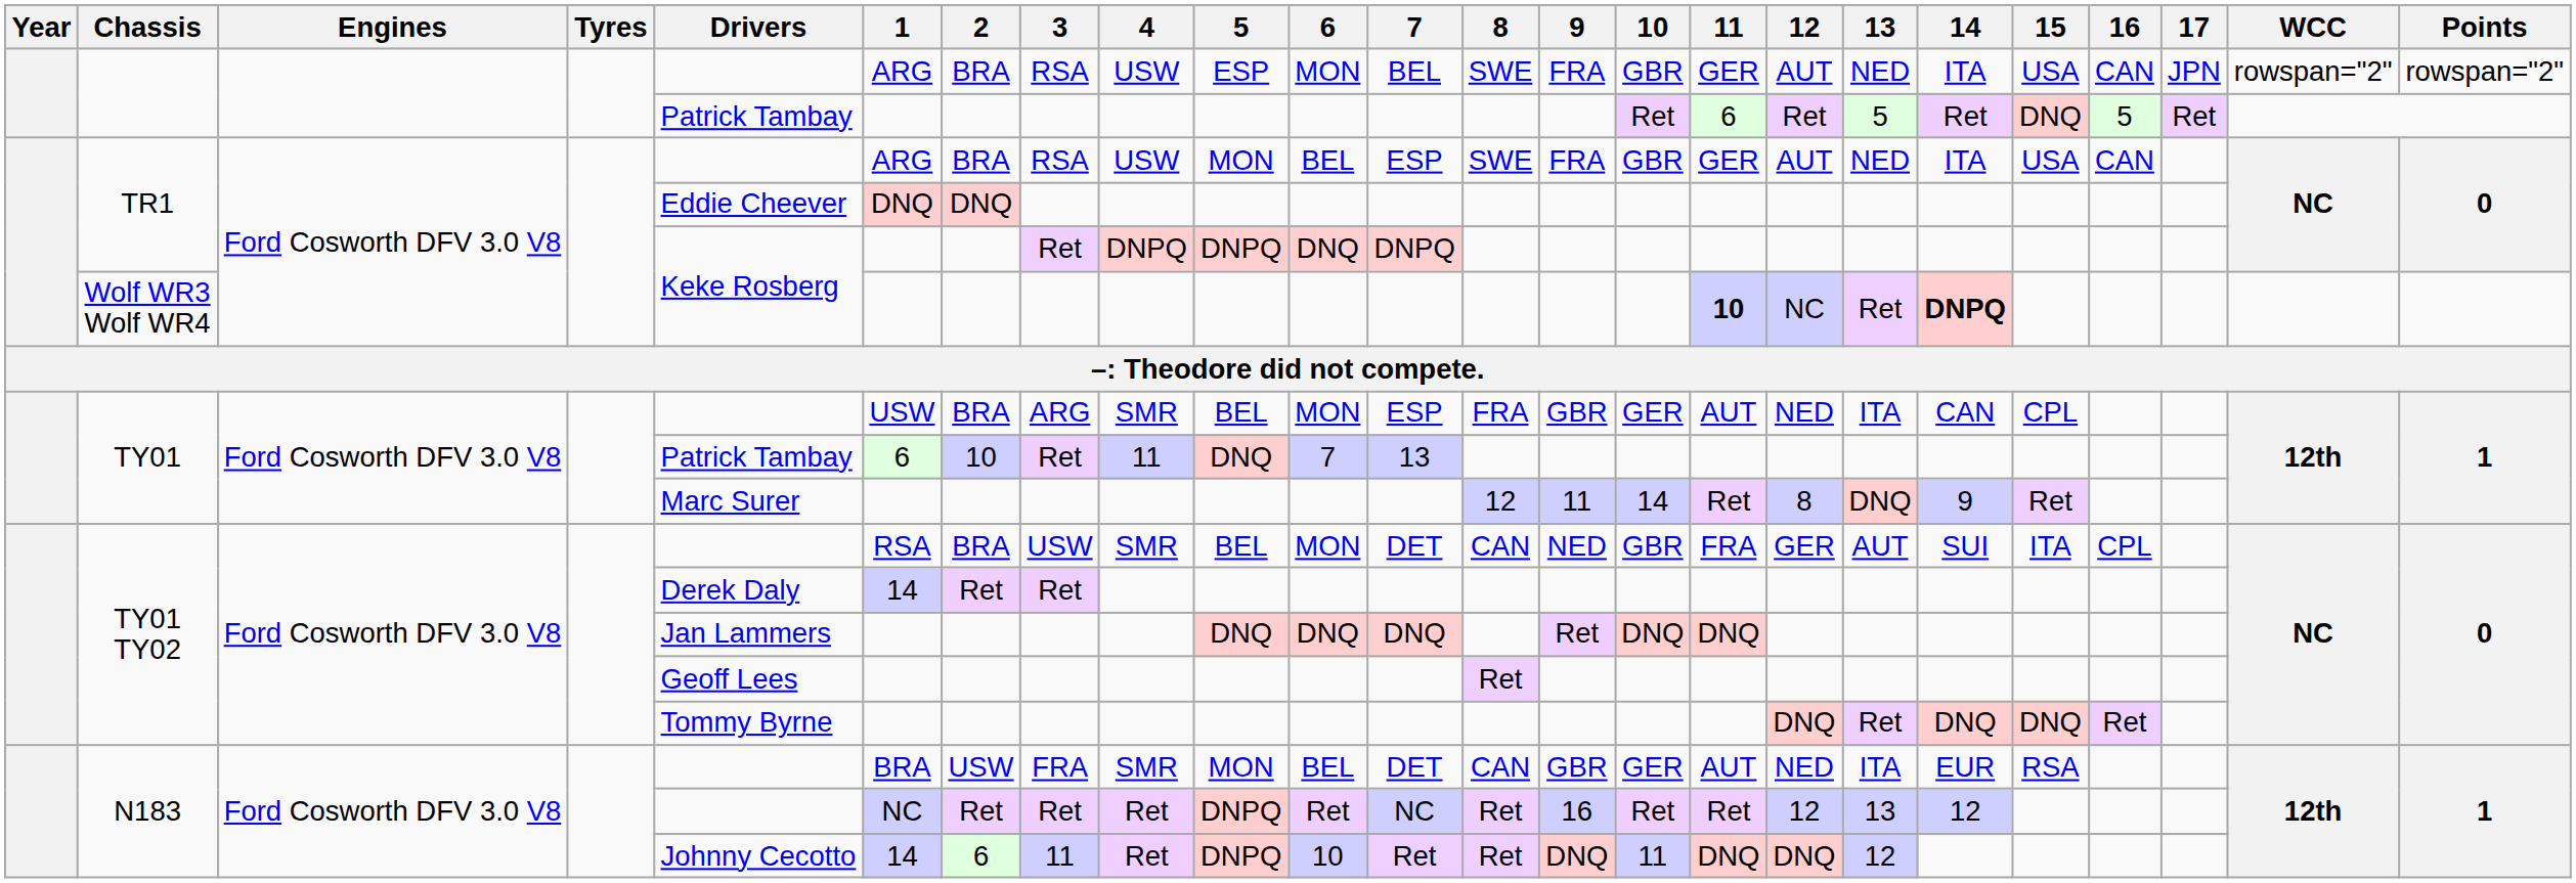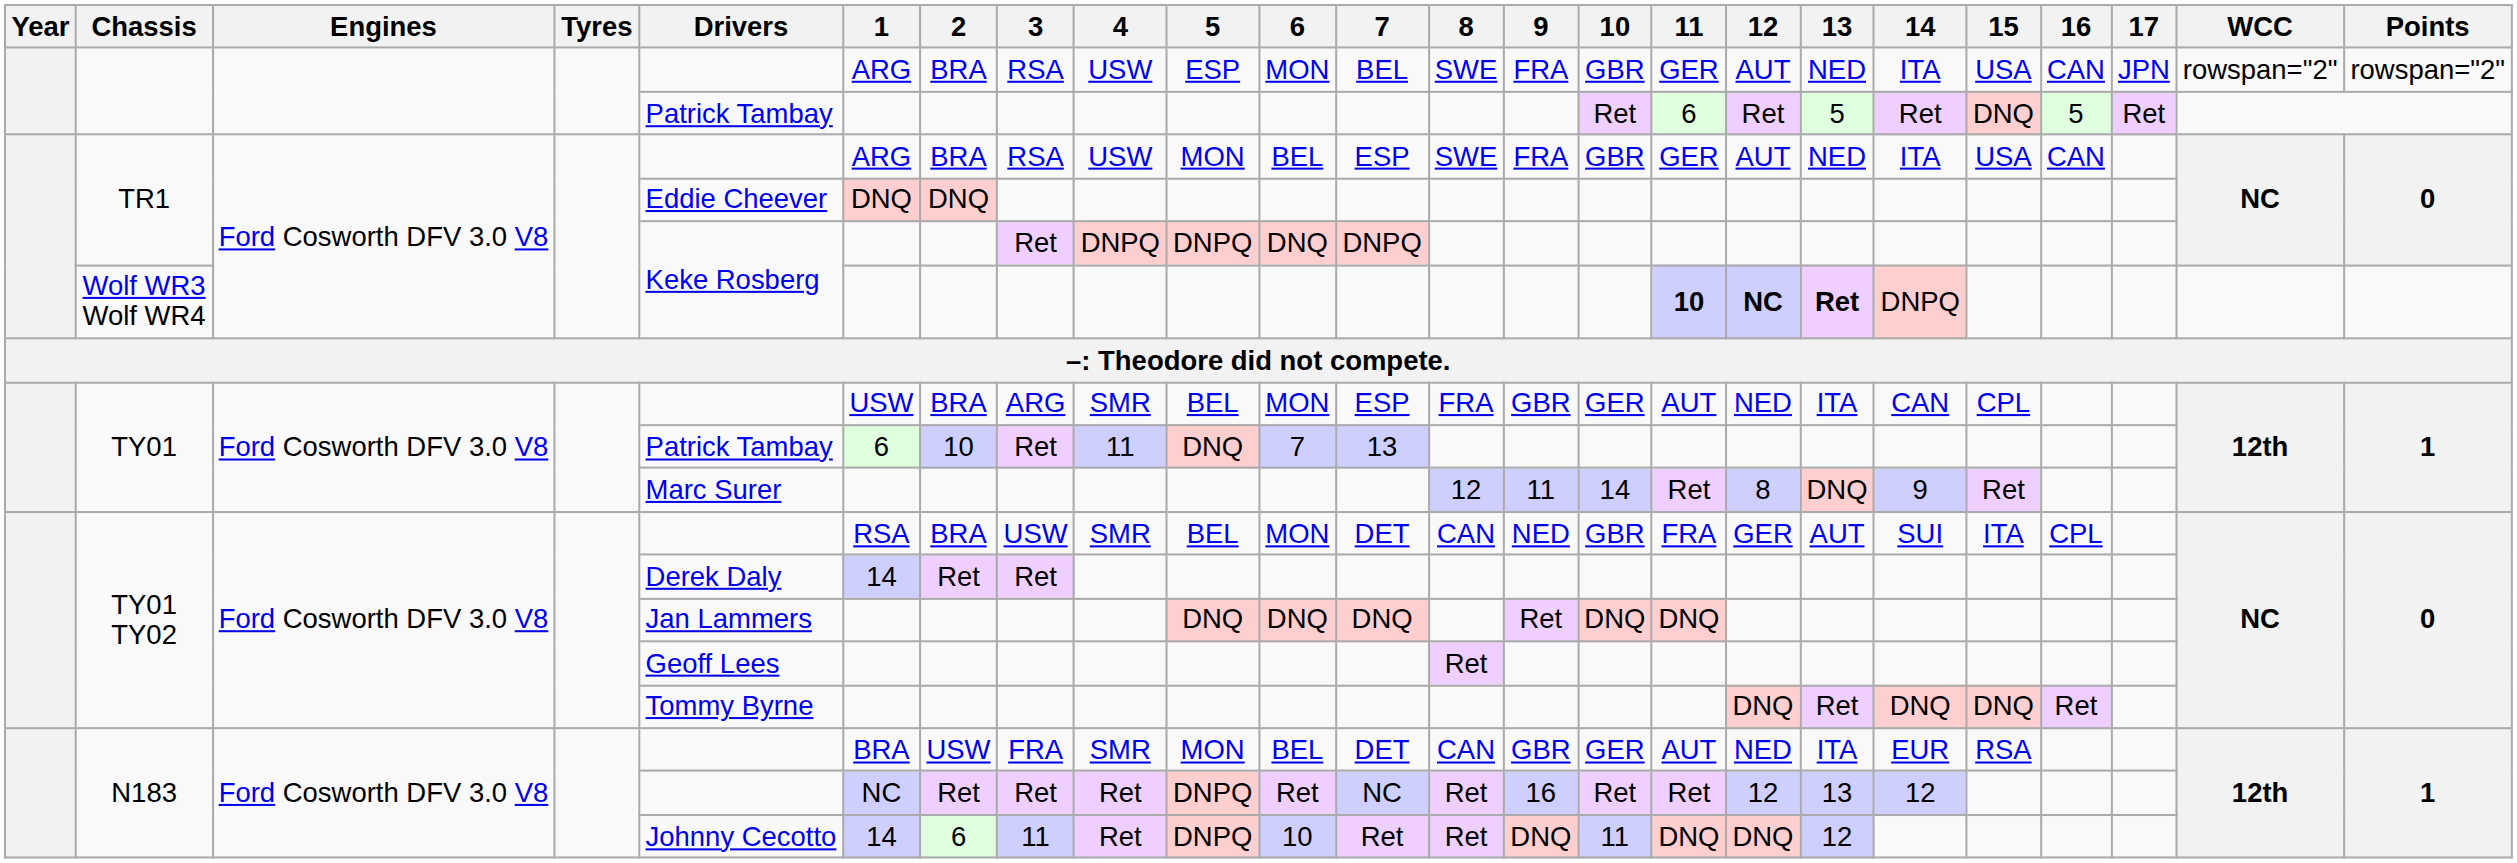 <table class="wikitable" style="text-align:center; font-size:85%">
 <tr>
 <th>Year</th>
 <th>Chassis</th>
 <th>Engines</th>
 <th>Tyres</th>
 <th>Drivers</th>
 <th>1</th>
 <th>2</th>
 <th>3</th>
 <th>4</th>
 <th>5</th>
 <th>6</th>
 <th>7</th>
 <th>8</th>
 <th>9</th>
 <th>10</th>
 <th>11</th>
 <th>12</th>
 <th>13</th>
 <th>14</th>
 <th>15</th>
 <th>16</th>
 <th>17</th>
 <th>WCC</th>
 <th>Points</th>
 </tr>
 <tr>
 <th rowspan="2"></th>
 <td rowspan="2"></td>
 <td rowspan="2"></td>
 <td rowspan="2"></td>
 <td></td>
 <td><a href='#'>ARG</a></td>
 <td><a href='#'>BRA</a></td>
 <td><a href='#'>RSA</a></td>
 <td><a href='#'>USW</a></td>
 <td><a href='#'>ESP</a></td>
 <td><a href='#'>MON</a></td>
 <td><a href='#'>BEL</a></td>
 <td><a href='#'>SWE</a></td>
 <td><a href='#'>FRA</a></td>
 <td><a href='#'>GBR</a></td>
 <td><a href='#'>GER</a></td>
 <td><a href='#'>AUT</a></td>
 <td><a href='#'>NED</a></td>
 <td><a href='#'>ITA</a></td>
 <td><a href='#'>USA</a></td>
 <td><a href='#'>CAN</a></td>
 <td><a href='#'>JPN</a></td>
 <td>rowspan="2" </td>
 <td>rowspan="2" </td>
 </tr>
 <tr>
 <td align="left"> <a href='#'>Patrick Tambay</a></td>
 <td></td>
 <td></td>
 <td></td>
 <td></td>
 <td></td>
 <td></td>
 <td></td>
 <td></td>
 <td></td>
 <td style="background:#EFCFFF;">Ret</td>
 <td style="background:#DFFFDF;">6</td>
 <td style="background:#EFCFFF;">Ret</td>
 <td style="background:#DFFFDF;">5</td>
 <td style="background:#EFCFFF;">Ret</td>
 <td style="background:#FFCFCF;">DNQ</td>
 <td style="background:#DFFFDF;">5</td>
 <td style="background:#EFCFFF;">Ret</td>
 </tr>
 <tr>
 <th rowspan="4"></th>
 <td rowspan="3">TR1</td>
 <td rowspan="4"><a href='#'>Ford</a> Cosworth DFV 3.0 <a href='#'>V8</a></td>
 <td rowspan="4"></td>
 <td></td>
 <td><a href='#'>ARG</a></td>
 <td><a href='#'>BRA</a></td>
 <td><a href='#'>RSA</a></td>
 <td><a href='#'>USW</a></td>
 <td><a href='#'>MON</a></td>
 <td><a href='#'>BEL</a></td>
 <td><a href='#'>ESP</a></td>
 <td><a href='#'>SWE</a></td>
 <td><a href='#'>FRA</a></td>
 <td><a href='#'>GBR</a></td>
 <td><a href='#'>GER</a></td>
 <td><a href='#'>AUT</a></td>
 <td><a href='#'>NED</a></td>
 <td><a href='#'>ITA</a></td>
 <td><a href='#'>USA</a></td>
 <td><a href='#'>CAN</a></td>
 <td></td>
 <th rowspan="3">NC</th>
 <th rowspan="3">0</th>
 </tr>
 <tr>
 <td align="left"> <a href='#'>Eddie Cheever</a></td>
 <td style="background:#FFCFCF;">DNQ</td>
 <td style="background:#FFCFCF;">DNQ</td>
 <td></td>
 <td></td>
 <td></td>
 <td></td>
 <td></td>
 <td></td>
 <td></td>
 <td></td>
 <td></td>
 <td></td>
 <td></td>
 <td></td>
 <td></td>
 <td></td>
 <td></td>
 </tr>
 <tr>
 <td rowspan="2" align="left"> <a href='#'>Keke Rosberg</a></td>
 <td></td>
 <td></td>
 <td style="background:#EFCFFF;">Ret</td>
 <td style="background:#FFCFCF;">DNPQ</td>
 <td style="background:#FFCFCF;">DNPQ</td>
 <td style="background:#FFCFCF;">DNQ</td>
 <td style="background:#FFCFCF;">DNPQ</td>
 <td></td>
 <td></td>
 <td></td>
 <td></td>
 <td></td>
 <td></td>
 <td></td>
 <td></td>
 <td></td>
 <td></td>
 </tr>
 <tr>
 <td><a href='#'>Wolf WR3</a><br>Wolf WR4</td>
 <td></td>
 <td></td>
 <td></td>
 <td></td>
 <td></td>
 <td></td>
 <td></td>
 <td></td>
 <td></td>
 <td></td>
 <td style="background:#CFCFFF;"><strong>10</strong></td>
-<td style="background:#CFCFFF;">NC</td>
-<td style="background:#EFCFFF;">Ret</td>
-<td style="background:#FFCFCF;"><strong>DNPQ</strong></td>
+<td style="background:#CFCFFF;"><strong>NC</strong></td>
+<td style="background:#EFCFFF;"><strong>Ret</strong></td>
+<td style="background:#FFCFCF;">DNPQ</td>
 <td></td>
 <td></td>
 <td></td>
 <td></td>
 <td></td>
 </tr>
 <tr>
 <th colspan="24">–: Theodore did not compete.</th>
 </tr>
 <tr>
 <th rowspan="3"></th>
 <td rowspan="3">TY01</td>
 <td rowspan="3"><a href='#'>Ford</a> Cosworth DFV 3.0 <a href='#'>V8</a></td>
 <td rowspan="3"><br></td>
 <td></td>
 <td><a href='#'>USW</a></td>
 <td><a href='#'>BRA</a></td>
 <td><a href='#'>ARG</a></td>
 <td><a href='#'>SMR</a></td>
 <td><a href='#'>BEL</a></td>
 <td><a href='#'>MON</a></td>
 <td><a href='#'>ESP</a></td>
 <td><a href='#'>FRA</a></td>
 <td><a href='#'>GBR</a></td>
 <td><a href='#'>GER</a></td>
 <td><a href='#'>AUT</a></td>
 <td><a href='#'>NED</a></td>
 <td><a href='#'>ITA</a></td>
 <td><a href='#'>CAN</a></td>
 <td><a href='#'>CPL</a></td>
 <td></td>
 <td></td>
 <th rowspan="3">12th</th>
 <th rowspan="3">1</th>
 </tr>
 <tr>
 <td align="left"> <a href='#'>Patrick Tambay</a></td>
 <td style="background:#DFFFDF;">6</td>
 <td style="background:#CFCFFF;">10</td>
 <td style="background:#EFCFFF;">Ret</td>
 <td style="background:#CFCFFF;">11</td>
 <td style="background:#FFCFCF;">DNQ</td>
 <td style="background:#CFCFFF;">7</td>
 <td style="background:#CFCFFF;">13</td>
 <td></td>
 <td></td>
 <td></td>
 <td></td>
 <td></td>
 <td></td>
 <td></td>
 <td></td>
 <td></td>
 <td></td>
 </tr>
 <tr>
 <td align="left"> <a href='#'>Marc Surer</a></td>
 <td></td>
 <td></td>
 <td></td>
 <td></td>
 <td></td>
 <td></td>
 <td></td>
 <td style="background:#CFCFFF;">12</td>
 <td style="background:#CFCFFF;">11</td>
 <td style="background:#CFCFFF;">14</td>
 <td style="background:#EFCFFF;">Ret</td>
 <td style="background:#CFCFFF;">8</td>
 <td style="background:#FFCFCF;">DNQ</td>
 <td style="background:#CFCFFF;">9</td>
 <td style="background:#EFCFFF;">Ret</td>
 <td></td>
 <td></td>
 </tr>
 <tr>
 <th rowspan="5"></th>
 <td rowspan="5">TY01<br>TY02</td>
 <td rowspan="5"><a href='#'>Ford</a> Cosworth DFV 3.0 <a href='#'>V8</a></td>
 <td rowspan="5"><br></td>
 <td></td>
 <td><a href='#'>RSA</a></td>
 <td><a href='#'>BRA</a></td>
 <td><a href='#'>USW</a></td>
 <td><a href='#'>SMR</a></td>
 <td><a href='#'>BEL</a></td>
 <td><a href='#'>MON</a></td>
 <td><a href='#'>DET</a></td>
 <td><a href='#'>CAN</a></td>
 <td><a href='#'>NED</a></td>
 <td><a href='#'>GBR</a></td>
 <td><a href='#'>FRA</a></td>
 <td><a href='#'>GER</a></td>
 <td><a href='#'>AUT</a></td>
 <td><a href='#'>SUI</a></td>
 <td><a href='#'>ITA</a></td>
 <td><a href='#'>CPL</a></td>
 <td></td>
 <th rowspan="5">NC</th>
 <th rowspan="5">0</th>
 </tr>
 <tr>
 <td align="left"> <a href='#'>Derek Daly</a></td>
 <td style="background:#CFCFFF;">14</td>
 <td style="background:#EFCFFF;">Ret</td>
 <td style="background:#EFCFFF;">Ret</td>
 <td></td>
 <td></td>
 <td></td>
 <td></td>
 <td></td>
 <td></td>
 <td></td>
 <td></td>
 <td></td>
 <td></td>
 <td></td>
 <td></td>
 <td></td>
 <td></td>
 </tr>
 <tr>
 <td align="left"> <a href='#'>Jan Lammers</a></td>
 <td></td>
 <td></td>
 <td></td>
 <td></td>
 <td style="background:#FFCFCF;">DNQ</td>
 <td style="background:#FFCFCF;">DNQ</td>
 <td style="background:#FFCFCF;">DNQ</td>
 <td></td>
 <td style="background:#EFCFFF;">Ret</td>
 <td style="background:#FFCFCF;">DNQ</td>
 <td style="background:#FFCFCF;">DNQ</td>
 <td></td>
 <td></td>
 <td></td>
 <td></td>
 <td></td>
 <td></td>
 </tr>
 <tr>
 <td align="left"> <a href='#'>Geoff Lees</a></td>
 <td></td>
 <td></td>
 <td></td>
 <td></td>
 <td></td>
 <td></td>
 <td></td>
 <td style="background:#EFCFFF;">Ret</td>
 <td></td>
 <td></td>
 <td></td>
 <td></td>
 <td></td>
 <td></td>
 <td></td>
 <td></td>
 <td></td>
 </tr>
 <tr>
 <td align="left"> <a href='#'>Tommy Byrne</a></td>
 <td></td>
 <td></td>
 <td></td>
 <td></td>
 <td></td>
 <td></td>
 <td></td>
 <td></td>
 <td></td>
 <td></td>
 <td></td>
 <td style="background:#FFCFCF;">DNQ</td>
 <td style="background:#EFCFFF;">Ret</td>
 <td style="background:#FFCFCF;">DNQ</td>
 <td style="background:#FFCFCF;">DNQ</td>
 <td style="background:#EFCFFF;">Ret</td>
 <td></td>
 </tr>
 <tr>
 <th rowspan="3"></th>
 <td rowspan="3">N183</td>
 <td rowspan="3"><a href='#'>Ford</a> Cosworth DFV 3.0 <a href='#'>V8</a></td>
 <td rowspan="3"></td>
 <td></td>
 <td><a href='#'>BRA</a></td>
 <td><a href='#'>USW</a></td>
 <td><a href='#'>FRA</a></td>
 <td><a href='#'>SMR</a></td>
 <td><a href='#'>MON</a></td>
 <td><a href='#'>BEL</a></td>
 <td><a href='#'>DET</a></td>
 <td><a href='#'>CAN</a></td>
 <td><a href='#'>GBR</a></td>
 <td><a href='#'>GER</a></td>
 <td><a href='#'>AUT</a></td>
 <td><a href='#'>NED</a></td>
 <td><a href='#'>ITA</a></td>
 <td><a href='#'>EUR</a></td>
 <td><a href='#'>RSA</a></td>
 <td></td>
 <td></td>
 <th rowspan="3">12th</th>
 <th rowspan="3">1</th>
 </tr>
 <tr>
 <td align="left"></td>
 <td style="background:#CFCFFF;">NC</td>
 <td style="background:#EFCFFF;">Ret</td>
 <td style="background:#EFCFFF;">Ret</td>
 <td style="background:#EFCFFF;">Ret</td>
 <td style="background:#FFCFCF;">DNPQ</td>
 <td style="background:#EFCFFF;">Ret</td>
 <td style="background:#CFCFFF;">NC</td>
 <td style="background:#EFCFFF;">Ret</td>
 <td style="background:#CFCFFF;">16</td>
 <td style="background:#EFCFFF;">Ret</td>
 <td style="background:#EFCFFF;">Ret</td>
 <td style="background:#CFCFFF;">12</td>
 <td style="background:#CFCFFF;">13</td>
 <td style="background:#CFCFFF;">12</td>
 <td></td>
 <td></td>
 <td></td>
 </tr>
 <tr>
 <td align="left"> <a href='#'>Johnny Cecotto</a></td>
 <td style="background:#CFCFFF;">14</td>
 <td style="background:#DFFFDF;">6</td>
 <td style="background:#CFCFFF;">11</td>
 <td style="background:#EFCFFF;">Ret</td>
 <td style="background:#FFCFCF;">DNPQ</td>
 <td style="background:#CFCFFF;">10</td>
 <td style="background:#EFCFFF;">Ret</td>
 <td style="background:#EFCFFF;">Ret</td>
 <td style="background:#FFCFCF;">DNQ</td>
 <td style="background:#CFCFFF;">11</td>
 <td style="background:#FFCFCF;">DNQ</td>
 <td style="background:#FFCFCF;">DNQ</td>
 <td style="background:#CFCFFF;">12</td>
 <td></td>
 <td></td>
 <td></td>
 <td></td>
 </tr>
 </table>
